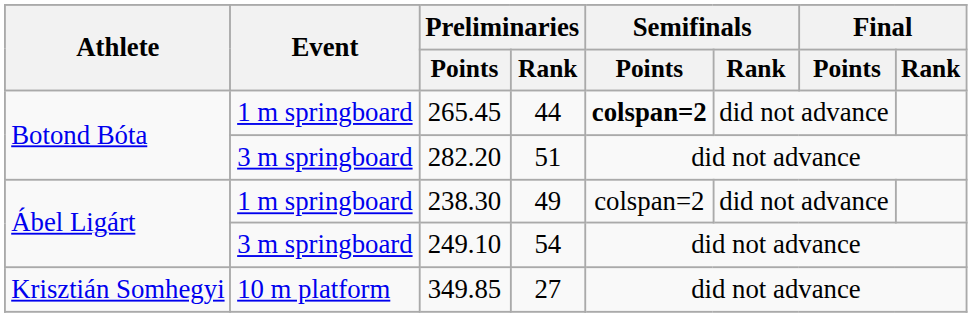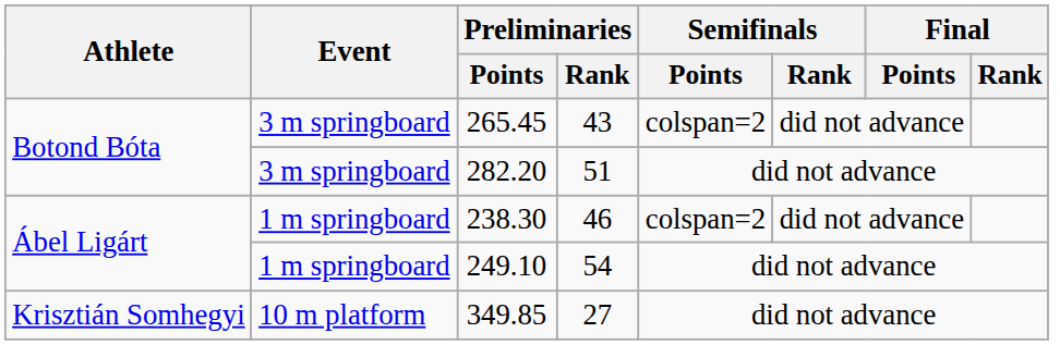 <table class=wikitable style="font-size:90%;">
 <tr>
 <th rowspan="2">Athlete</th>
 <th rowspan="2">Event</th>
 <th colspan="2">Preliminaries</th>
 <th colspan="2">Semifinals</th>
 <th colspan="2">Final</th>
 </tr>
 <tr style="font-size:95%">
 <th>Points</th>
 <th>Rank</th>
 <th>Points</th>
 <th>Rank</th>
 <th>Points</th>
 <th>Rank</th>
 </tr>
 <tr align=center>
 <td align=left rowspan=2><a href='#'>Botond Bóta</a></td>
-<td align=left><a href='#'>1 m springboard</a></td>
+<td align=left><a href='#'>3 m springboard</a></td>
 <td>265.45</td>
-<td>44</td>
-<td><strong>colspan=2 </strong></td>
+<td>43</td>
+<td>colspan=2 </td>
 <td colspan=2>did not advance</td>
 </tr>
 <tr align=center>
 <td align=left><a href='#'>3 m springboard</a></td>
 <td>282.20</td>
 <td>51</td>
 <td colspan=4>did not advance</td>
 </tr>
 <tr align=center>
 <td align=left rowspan=2><a href='#'>Ábel Ligárt</a></td>
 <td align=left><a href='#'>1 m springboard</a></td>
 <td>238.30</td>
-<td>49</td>
+<td>46</td>
 <td>colspan=2 </td>
 <td colspan=2>did not advance</td>
 </tr>
 <tr align=center>
-<td align=left><a href='#'>3 m springboard</a></td>
+<td align=left><a href='#'>1 m springboard</a></td>
 <td>249.10</td>
 <td>54</td>
 <td colspan=4>did not advance</td>
 </tr>
 <tr align=center>
 <td align=left><a href='#'>Krisztián Somhegyi</a></td>
 <td align=left><a href='#'>10 m platform</a></td>
 <td>349.85</td>
 <td>27</td>
 <td colspan=4>did not advance</td>
 </tr>
 </table>
